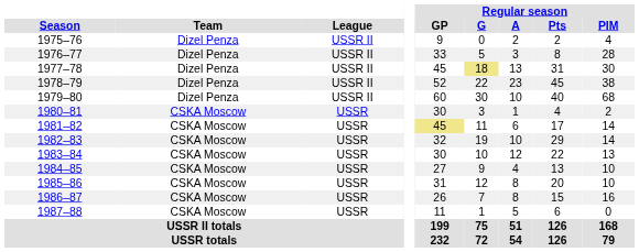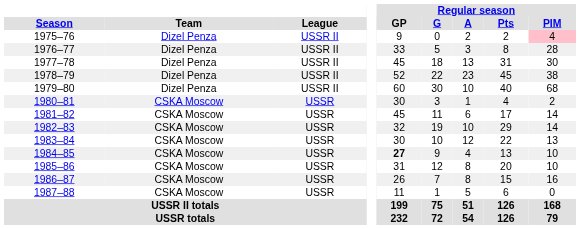 <table border="0" cellpadding="1" cellspacing="0" style="text-align:center; width:55em">
 <tr bgcolor="#e0e0e0">
 <th colspan="3" bgcolor="#ffffff"> </th>
 <th rowspan="99" bgcolor="#ffffff"> </th>
 <th colspan="5"><a href='#'>Regular season</a></th>
 </tr>
 <tr bgcolor="#e0e0e0">
 <th><a href='#'>Season</a></th>
 <th>Team</th>
 <th>League</th>
 <th>GP</th>
 <th><a href='#'>G</a></th>
 <th><a href='#'>A</a></th>
 <th><a href='#'>Pts</a></th>
 <th><a href='#'>PIM</a></th>
 </tr>
 <tr>
 <td>1975–76</td>
 <td><a href='#'>Dizel Penza</a></td>
 <td><a href='#'>USSR II</a></td>
 <td>9</td>
 <td>0</td>
 <td>2</td>
 <td>2</td>
-<td>4</td>
+<td style="background: pink;">4</td>
 </tr>
 <tr bgcolor="#f0f0f0">
 <td>1976–77</td>
 <td>Dizel Penza</td>
 <td>USSR II</td>
 <td>33</td>
 <td>5</td>
 <td>3</td>
 <td>8</td>
 <td>28</td>
 </tr>
 <tr>
 <td>1977–78</td>
 <td>Dizel Penza</td>
 <td>USSR II</td>
 <td>45</td>
-<td style="background: khaki;">18</td>
+<td>18</td>
 <td>13</td>
 <td>31</td>
 <td>30</td>
 </tr>
 <tr bgcolor="#f0f0f0">
 <td>1978–79</td>
 <td>Dizel Penza</td>
 <td>USSR II</td>
 <td>52</td>
 <td>22</td>
 <td>23</td>
 <td>45</td>
 <td>38</td>
 </tr>
 <tr>
 <td>1979–80</td>
 <td>Dizel Penza</td>
 <td>USSR II</td>
 <td>60</td>
 <td>30</td>
 <td>10</td>
 <td>40</td>
 <td>68</td>
 </tr>
 <tr bgcolor="#f0f0f0">
 <td><a href='#'>1980–81</a></td>
 <td><a href='#'>CSKA Moscow</a></td>
 <td><a href='#'>USSR</a></td>
 <td>30</td>
 <td>3</td>
 <td>1</td>
 <td>4</td>
 <td>2</td>
 </tr>
 <tr>
 <td><a href='#'>1981–82</a></td>
 <td>CSKA Moscow</td>
 <td>USSR</td>
-<td style="background: khaki;">45</td>
+<td>45</td>
 <td>11</td>
 <td>6</td>
 <td>17</td>
 <td>14</td>
 </tr>
 <tr bgcolor="#f0f0f0">
 <td><a href='#'>1982–83</a></td>
 <td>CSKA Moscow</td>
 <td>USSR</td>
 <td>32</td>
 <td>19</td>
 <td>10</td>
 <td>29</td>
 <td>14</td>
 </tr>
 <tr>
 <td><a href='#'>1983–84</a></td>
 <td>CSKA Moscow</td>
 <td>USSR</td>
 <td>30</td>
 <td>10</td>
 <td>12</td>
 <td>22</td>
 <td>13</td>
 </tr>
 <tr bgcolor="#f0f0f0">
 <td><a href='#'>1984–85</a></td>
 <td>CSKA Moscow</td>
 <td>USSR</td>
-<td>27</td>
+<td><strong>27</strong></td>
 <td>9</td>
 <td>4</td>
 <td>13</td>
 <td>10</td>
 </tr>
 <tr>
 <td><a href='#'>1985–86</a></td>
 <td>CSKA Moscow</td>
 <td>USSR</td>
 <td>31</td>
 <td>12</td>
 <td>8</td>
 <td>20</td>
 <td>10</td>
 </tr>
 <tr bgcolor="#f0f0f0">
 <td><a href='#'>1986–87</a></td>
 <td>CSKA Moscow</td>
 <td>USSR</td>
 <td>26</td>
 <td>7</td>
 <td>8</td>
 <td>15</td>
 <td>16</td>
 </tr>
 <tr>
 <td><a href='#'>1987–88</a></td>
 <td>CSKA Moscow</td>
 <td>USSR</td>
 <td>11</td>
 <td>1</td>
 <td>5</td>
 <td>6</td>
 <td>0</td>
 </tr>
 <tr bgcolor="#e0e0e0">
 <th colspan="3">USSR II totals</th>
 <th>199</th>
 <th>75</th>
 <th>51</th>
 <th>126</th>
 <th>168</th>
 </tr>
 <tr bgcolor="#e0e0e0">
 <th colspan="3">USSR totals</th>
 <th>232</th>
 <th>72</th>
 <th>54</th>
 <th>126</th>
 <th>79</th>
 </tr>
 </table>
